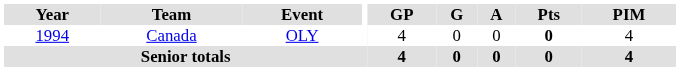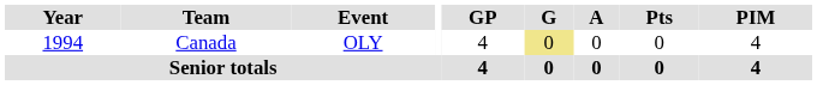 <table border="0" cellpadding="1" cellspacing="0" ID="Table3" style="text-align:center; width:40em">
 <tr bgcolor="#e0e0e0">
 <th>Year</th>
 <th>Team</th>
 <th>Event</th>
 <th rowspan="102" bgcolor="#ffffff"></th>
 <th>GP</th>
 <th>G</th>
 <th>A</th>
 <th>Pts</th>
 <th>PIM</th>
 </tr>
 <tr>
 <td><a href='#'>1994</a></td>
 <td><a href='#'>Canada</a></td>
 <td><a href='#'>OLY</a></td>
 <td>4</td>
+<td style="background: khaki;">0</td>
 <td>0</td>
 <td>0</td>
-<td><strong>0</strong></td>
 <td>4</td>
 </tr>
 <tr bgcolor="#e0e0e0">
 <th colspan="4">Senior totals</th>
 <th>4</th>
 <th>0</th>
 <th>0</th>
 <th>0</th>
 <th>4</th>
 </tr>
 </table>
